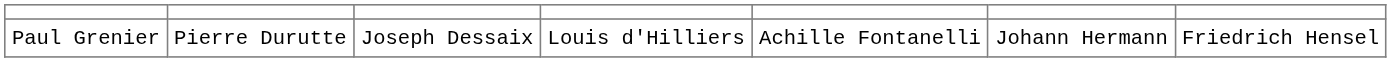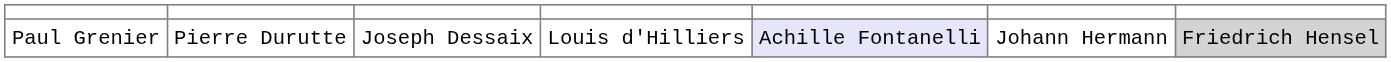 <table cellpadding="4" cellspacing="2" border="1" style="border-collapse:collapse;">
 <tr>
 <td></td>
 <td></td>
 <td></td>
 <td></td>
 <td></td>
 <td></td>
 <td></td>
 </tr>
 <tr>
 <td>Paul Grenier</td>
 <td>Pierre Durutte</td>
 <td>Joseph Dessaix</td>
 <td>Louis d'Hilliers</td>
-<td>Achille Fontanelli</td>
+<td style="background: lavender;">Achille Fontanelli</td>
 <td>Johann Hermann</td>
-<td>Friedrich Hensel</td>
+<td style="background: lightgrey;">Friedrich Hensel</td>
 </tr>
 </table>
